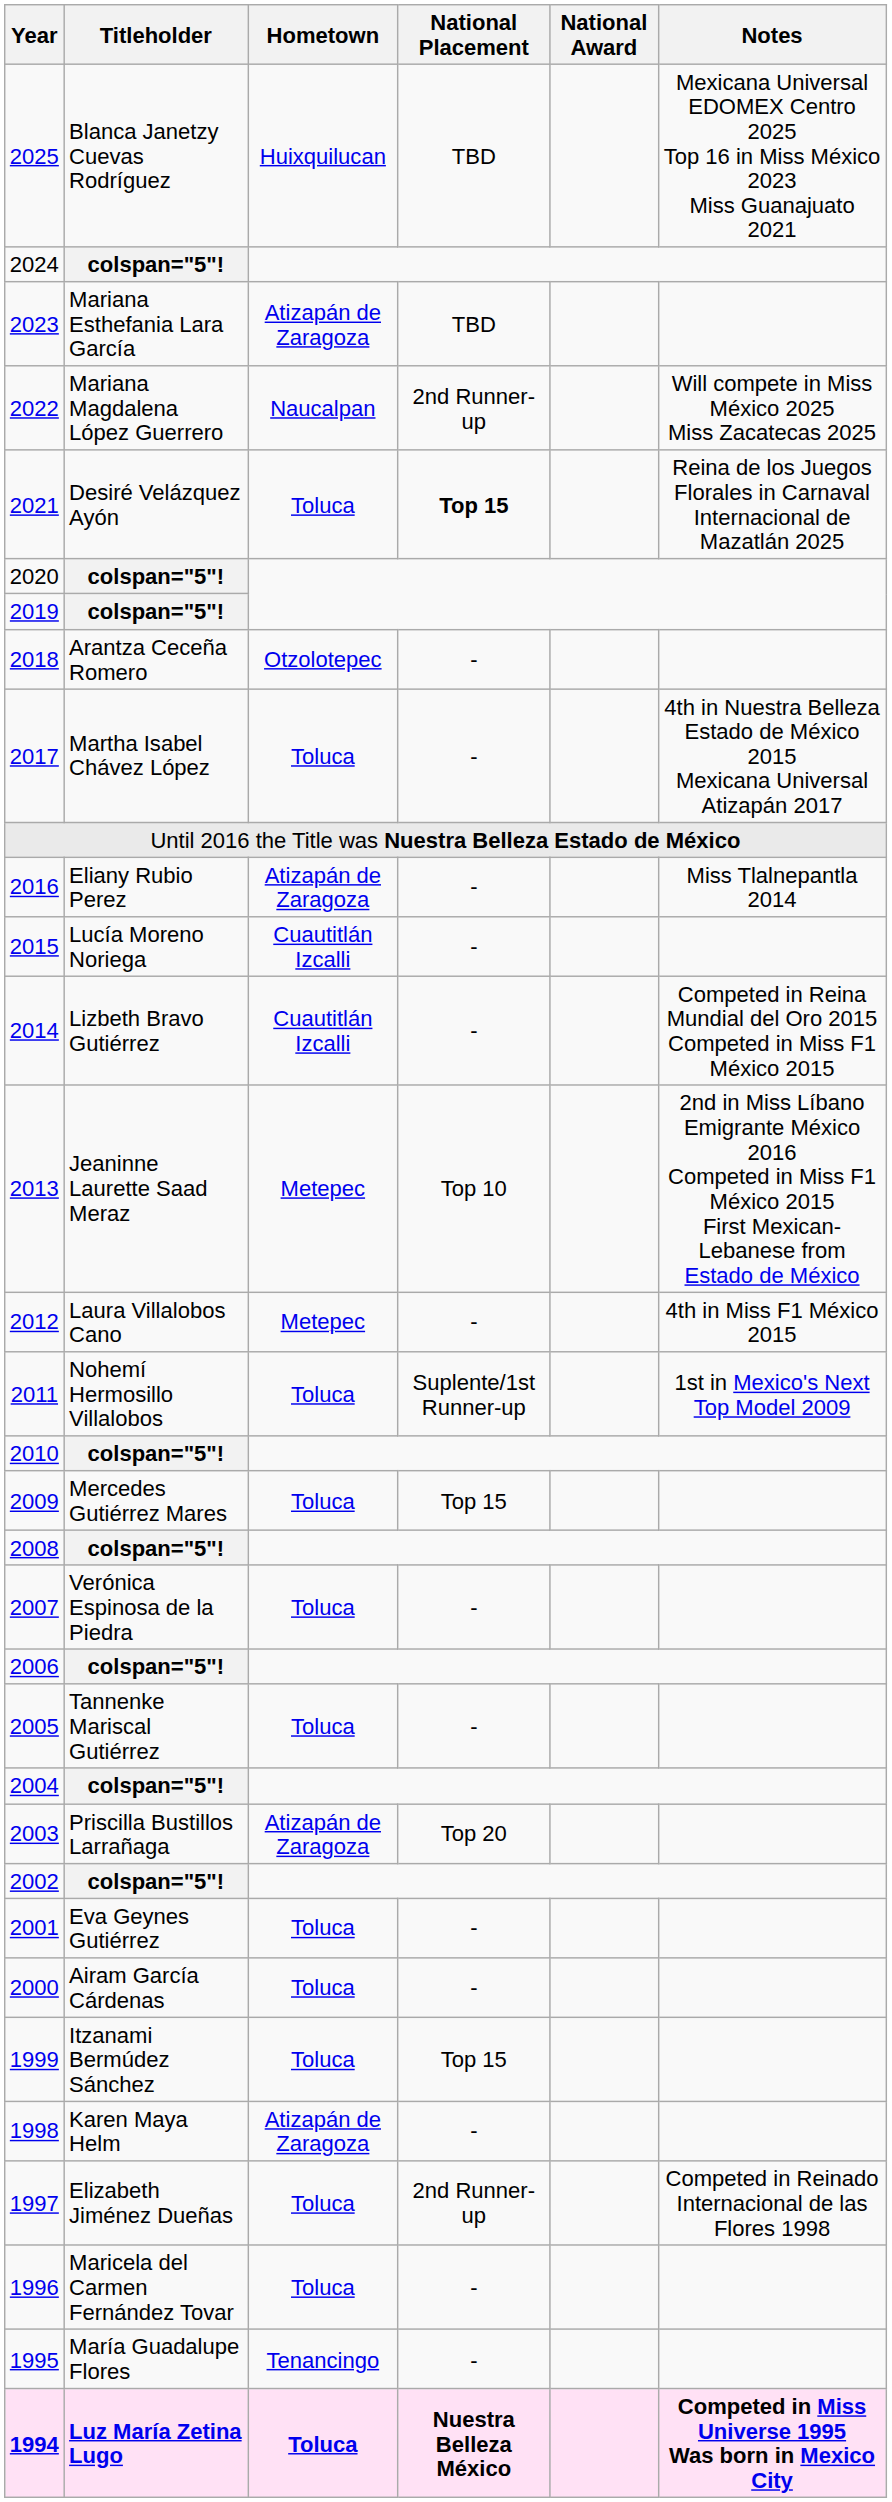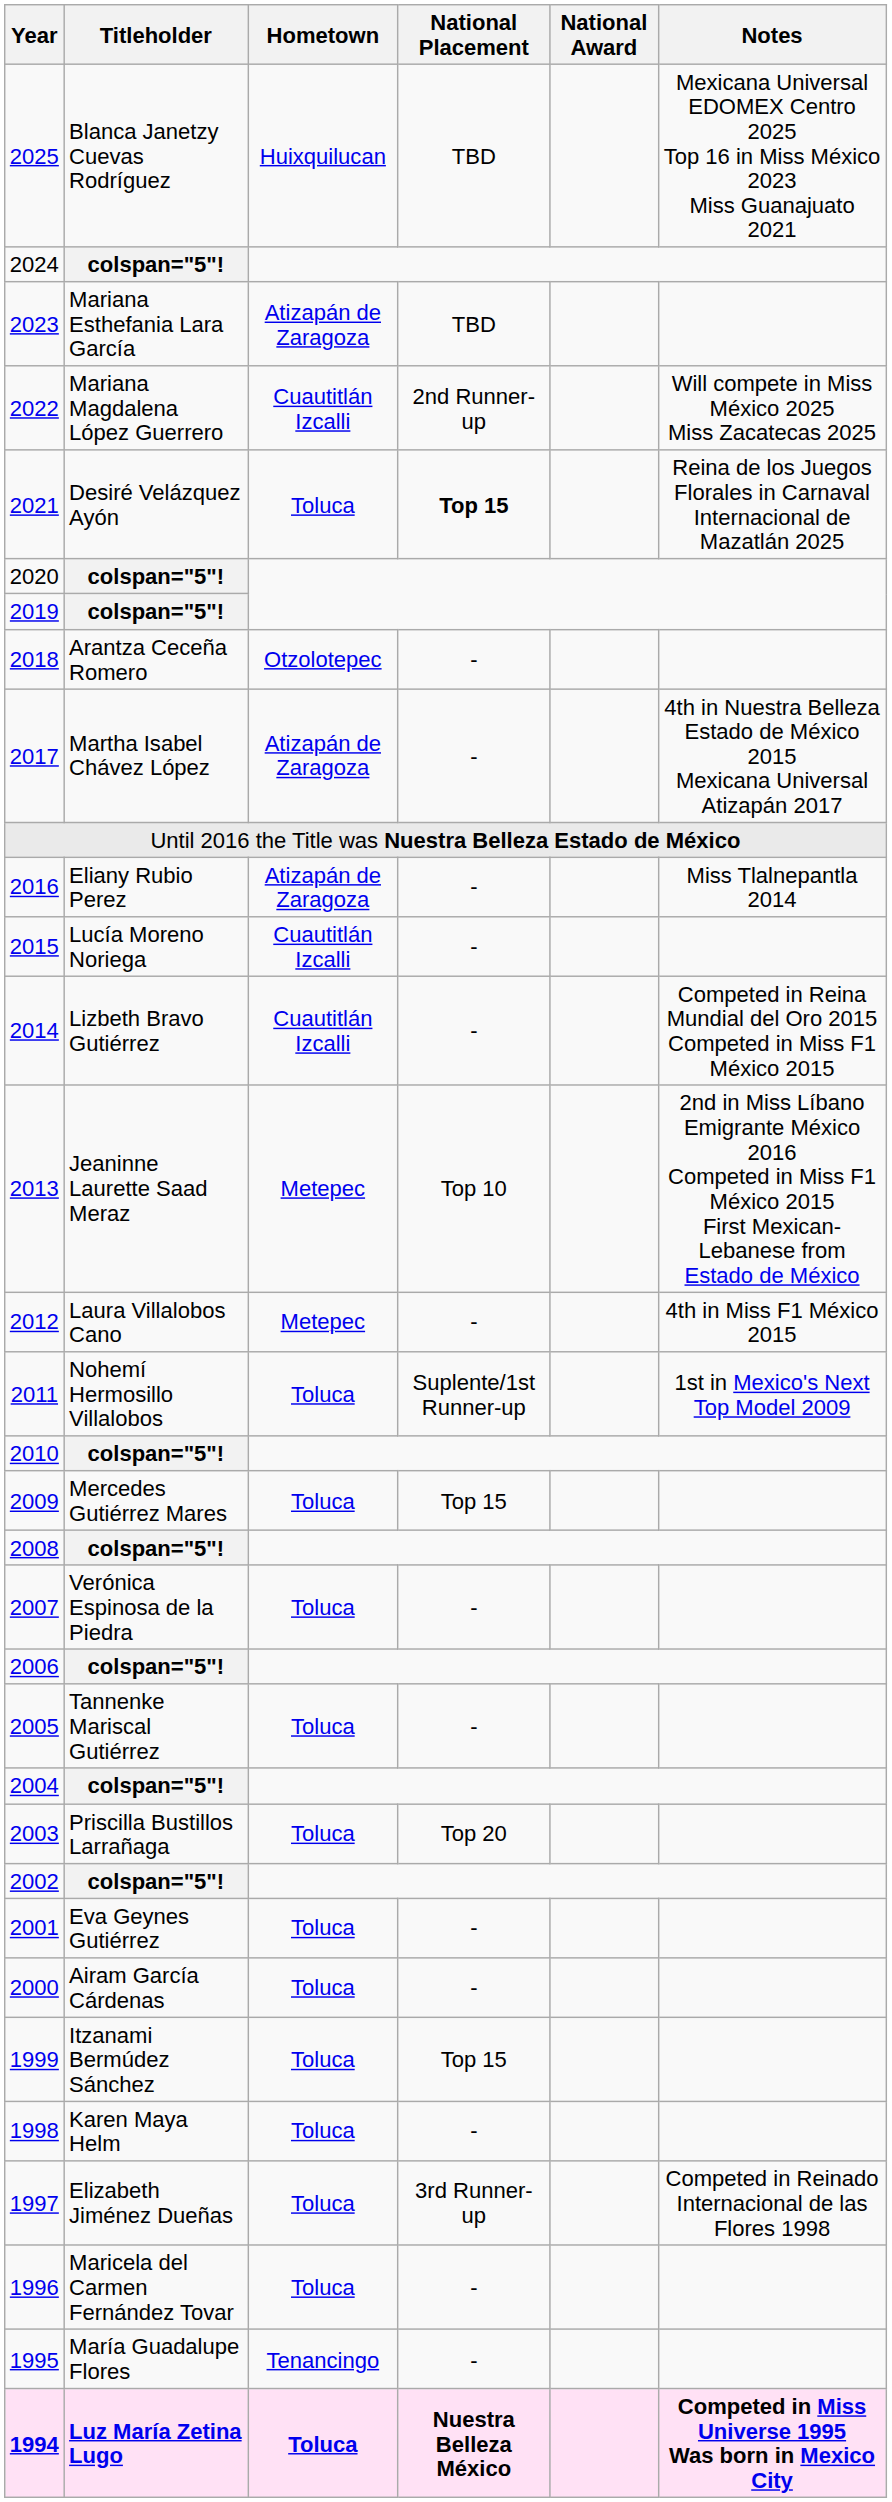 <table class="wikitable sortable" style="font-size:95%;">
 <tr>
 <th>Year</th>
 <th>Titleholder</th>
 <th>Hometown</th>
 <th>National Placement</th>
 <th>National Award</th>
 <th>Notes</th>
 </tr>
 <tr>
 <td align="center"><a href='#'>2025</a></td>
 <td>Blanca Janetzy Cuevas Rodríguez</td>
 <td align="center"><a href='#'>Huixquilucan</a></td>
 <td align="center">TBD</td>
 <td align="center"></td>
 <td align="center">Mexicana Universal EDOMEX Centro 2025<br>Top 16 in Miss México 2023<br>Miss Guanajuato 2021</td>
 </tr>
 <tr>
 <td align="center">2024</td>
 <th>colspan="5"!</th>
 </tr>
 <tr>
 <td align="center"><a href='#'>2023</a></td>
 <td>Mariana Esthefania Lara García</td>
 <td align="center"><a href='#'>Atizapán de Zaragoza</a></td>
 <td align="center">TBD</td>
 <td align="center"></td>
 <td align="center"></td>
 </tr>
 <tr>
 <td align="center"><a href='#'>2022</a></td>
 <td>Mariana Magdalena López Guerrero</td>
-<td align="center"><a href='#'>Naucalpan</a></td>
+<td align="center"><a href='#'>Cuautitlán Izcalli</a></td>
 <td align="center">2nd Runner-up</td>
 <td align="center"></td>
 <td align="center">Will compete in Miss México 2025<br>Miss Zacatecas 2025</td>
 </tr>
 <tr>
 <td align="center"><a href='#'>2021</a></td>
 <td>Desiré Velázquez Ayón</td>
 <td align="center"><a href='#'>Toluca</a></td>
 <td align="center"><strong>Top 15</strong></td>
 <td align="center"></td>
 <td align="center">Reina de los Juegos Florales in Carnaval Internacional de Mazatlán 2025</td>
 </tr>
 <tr>
 <td align="center">2020</td>
 <th>colspan="5"!</th>
 </tr>
 <tr>
 <td align="center"><a href='#'>2019</a></td>
 <th>colspan="5"!</th>
 </tr>
 <tr>
 <td align="center"><a href='#'>2018</a></td>
 <td>Arantza Ceceña Romero</td>
 <td align="center"><a href='#'>Otzolotepec</a></td>
 <td align="center">-</td>
 <td align="center"></td>
 <td align="center"></td>
 </tr>
 <tr>
 <td align="center"><a href='#'>2017</a></td>
 <td>Martha Isabel Chávez López</td>
-<td align="center"><a href='#'>Toluca</a></td>
+<td align="center"><a href='#'>Atizapán de Zaragoza</a></td>
 <td align="center">-</td>
 <td align="center"></td>
 <td align="center">4th in Nuestra Belleza Estado de México 2015<br>Mexicana Universal Atizapán 2017</td>
 </tr>
 <tr>
 <td colspan="6" bgcolor="#EAEAEA" style="text-align:center;">Until 2016 the Title was <strong>Nuestra Belleza Estado de México</strong></td>
 </tr>
 <tr>
 <td align="center"><a href='#'>2016</a></td>
 <td>Eliany Rubio Perez</td>
 <td align="center"><a href='#'>Atizapán de Zaragoza</a></td>
 <td align="center">-</td>
 <td align="center"></td>
 <td align="center">Miss Tlalnepantla 2014</td>
 </tr>
 <tr>
 <td align="center"><a href='#'>2015</a></td>
 <td>Lucía Moreno Noriega</td>
 <td align="center"><a href='#'>Cuautitlán Izcalli</a></td>
 <td align="center">-</td>
 <td align="center"></td>
 <td align="center"></td>
 </tr>
 <tr>
 <td align="center"><a href='#'>2014</a></td>
 <td>Lizbeth Bravo Gutiérrez</td>
 <td align="center"><a href='#'>Cuautitlán Izcalli</a></td>
 <td align="center">-</td>
 <td align="center"></td>
 <td align="center">Competed in Reina Mundial del Oro 2015<br>Competed in Miss F1 México 2015</td>
 </tr>
 <tr>
 <td align="center"><a href='#'>2013</a></td>
 <td>Jeaninne Laurette Saad Meraz</td>
 <td align="center"><a href='#'>Metepec</a></td>
 <td align="center">Top 10</td>
 <td align="center"></td>
 <td align="center">2nd in Miss Líbano Emigrante México 2016<br>Competed in Miss F1 México 2015<br>First Mexican-Lebanese from <a href='#'>Estado de México</a></td>
 </tr>
 <tr>
 <td align="center"><a href='#'>2012</a></td>
 <td>Laura Villalobos Cano</td>
 <td align="center"><a href='#'>Metepec</a></td>
 <td align="center">-</td>
 <td align="center"></td>
 <td align="center">4th in Miss F1 México 2015</td>
 </tr>
 <tr>
 <td align="center"><a href='#'>2011</a></td>
 <td>Nohemí Hermosillo Villalobos</td>
 <td align="center"><a href='#'>Toluca</a></td>
 <td align="center">Suplente/1st Runner-up</td>
 <td align="center"></td>
 <td align="center">1st in <a href='#'>Mexico's Next Top Model 2009</a></td>
 </tr>
 <tr>
 <td align="center"><a href='#'>2010</a></td>
 <th>colspan="5"!</th>
 </tr>
 <tr>
 <td align="center"><a href='#'>2009</a></td>
 <td>Mercedes Gutiérrez Mares</td>
 <td align="center"><a href='#'>Toluca</a></td>
 <td align="center">Top 15</td>
 <td align="center"></td>
 <td align="center"></td>
 </tr>
 <tr>
 <td align="center"><a href='#'>2008</a></td>
 <th>colspan="5"!</th>
 </tr>
 <tr>
 <td align="center"><a href='#'>2007</a></td>
 <td>Verónica Espinosa de la Piedra</td>
 <td align="center"><a href='#'>Toluca</a></td>
 <td align="center">-</td>
 <td align="center"></td>
 <td align="center"></td>
 </tr>
 <tr>
 <td align="center"><a href='#'>2006</a></td>
 <th>colspan="5"!</th>
 </tr>
 <tr>
 <td align="center"><a href='#'>2005</a></td>
 <td>Tannenke Mariscal Gutiérrez</td>
 <td align="center"><a href='#'>Toluca</a></td>
 <td align="center">-</td>
 <td align="center"></td>
 <td align="center"></td>
 </tr>
 <tr>
 <td align="center"><a href='#'>2004</a></td>
 <th>colspan="5"!</th>
 </tr>
 <tr>
 <td align="center"><a href='#'>2003</a></td>
 <td>Priscilla Bustillos Larrañaga</td>
-<td align="center"><a href='#'>Atizapán de Zaragoza</a></td>
+<td align="center"><a href='#'>Toluca</a></td>
 <td align="center">Top 20</td>
 <td align="center"></td>
 <td align="center"></td>
 </tr>
 <tr>
 <td align="center"><a href='#'>2002</a></td>
 <th>colspan="5"!</th>
 </tr>
 <tr>
 <td align="center"><a href='#'>2001</a></td>
 <td>Eva Geynes Gutiérrez</td>
 <td align="center"><a href='#'>Toluca</a></td>
 <td align="center">-</td>
 <td align="center"></td>
 <td align="center"></td>
 </tr>
 <tr>
 <td align="center"><a href='#'>2000</a></td>
 <td>Airam García Cárdenas</td>
 <td align="center"><a href='#'>Toluca</a></td>
 <td align="center">-</td>
 <td align="center"></td>
 <td align="center"></td>
 </tr>
 <tr>
 <td align="center"><a href='#'>1999</a></td>
 <td>Itzanami Bermúdez Sánchez</td>
 <td align="center"><a href='#'>Toluca</a></td>
 <td align="center">Top 15</td>
 <td align="center"></td>
 <td align="center"></td>
 </tr>
 <tr>
 <td align="center"><a href='#'>1998</a></td>
 <td>Karen Maya Helm</td>
-<td align="center"><a href='#'>Atizapán de Zaragoza</a></td>
+<td align="center"><a href='#'>Toluca</a></td>
 <td align="center">-</td>
 <td align="center"></td>
 <td align="center"></td>
 </tr>
 <tr>
 <td align="center"><a href='#'>1997</a></td>
 <td>Elizabeth Jiménez Dueñas</td>
 <td align="center"><a href='#'>Toluca</a></td>
-<td align="center">2nd Runner-up</td>
+<td align="center">3rd Runner-up</td>
 <td align="center"></td>
 <td align="center">Competed in Reinado Internacional de las Flores 1998</td>
 </tr>
 <tr>
 <td align="center"><a href='#'>1996</a></td>
 <td>Maricela del Carmen Fernández Tovar</td>
 <td align="center"><a href='#'>Toluca</a></td>
 <td align="center">-</td>
 <td align="center"></td>
 <td align="center"></td>
 </tr>
 <tr>
 <td align="center"><a href='#'>1995</a></td>
 <td>María Guadalupe Flores</td>
 <td align="center"><a href='#'>Tenancingo</a></td>
 <td align="center">-</td>
 <td align="center"></td>
 <td align="center"></td>
 </tr>
 <tr bgcolor="#FFE1F5">
 <td align="center"><strong><a href='#'>1994</a></strong></td>
 <td><strong><a href='#'>Luz María Zetina Lugo</a></strong></td>
 <td align="center"><strong><a href='#'>Toluca</a></strong></td>
 <td align="center"><strong>Nuestra Belleza México</strong></td>
 <td align="center"></td>
 <td align="center"><strong>Competed in <a href='#'>Miss Universe 1995</a><br>Was born in <a href='#'>Mexico City</a></strong></td>
 </tr>
 </table>
